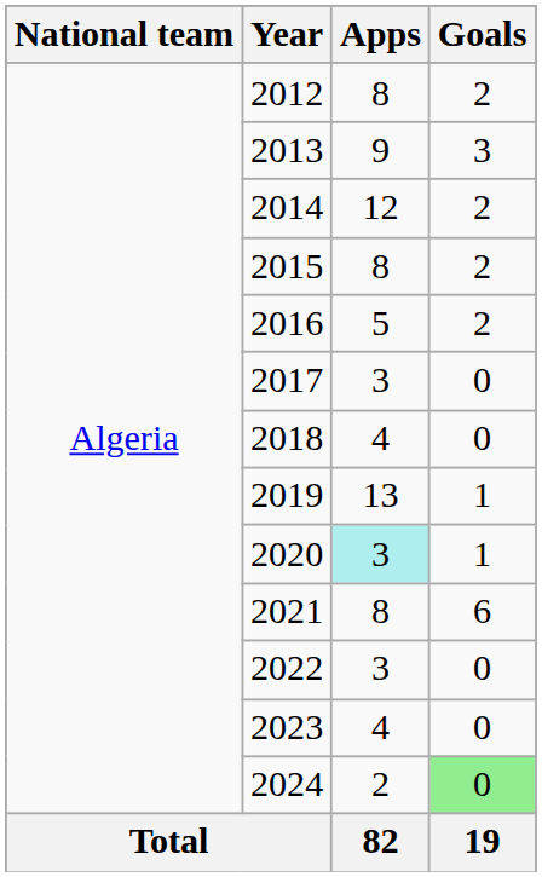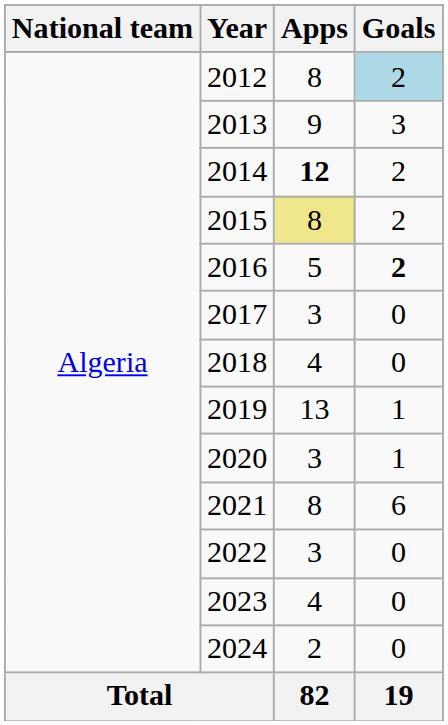 <table class="wikitable" style="text-align:center">
 <tr>
 <th>National team</th>
 <th>Year</th>
 <th>Apps</th>
 <th>Goals</th>
 </tr>
 <tr>
 <td rowspan="13"><a href='#'>Algeria</a></td>
 <td>2012</td>
 <td>8</td>
-<td>2</td>
+<td style="background: lightblue;">2</td>
 </tr>
 <tr>
 <td>2013</td>
 <td>9</td>
 <td>3</td>
 </tr>
 <tr>
 <td>2014</td>
-<td>12</td>
+<td><strong>12</strong></td>
 <td>2</td>
 </tr>
 <tr>
 <td>2015</td>
-<td>8</td>
+<td style="background: khaki;">8</td>
 <td>2</td>
 </tr>
 <tr>
 <td>2016</td>
 <td>5</td>
-<td>2</td>
+<td><strong>2</strong></td>
 </tr>
 <tr>
 <td>2017</td>
 <td>3</td>
 <td>0</td>
 </tr>
 <tr>
 <td>2018</td>
 <td>4</td>
 <td>0</td>
 </tr>
 <tr>
 <td>2019</td>
 <td>13</td>
 <td>1</td>
 </tr>
 <tr>
 <td>2020</td>
-<td style="background: paleturquoise;">3</td>
+<td>3</td>
 <td>1</td>
 </tr>
 <tr>
 <td>2021</td>
 <td>8</td>
 <td>6</td>
 </tr>
 <tr>
 <td>2022</td>
 <td>3</td>
 <td>0</td>
 </tr>
 <tr>
 <td>2023</td>
 <td>4</td>
 <td>0</td>
 </tr>
 <tr>
 <td>2024</td>
 <td>2</td>
-<td style="background: lightgreen;">0</td>
+<td>0</td>
 </tr>
 <tr>
 <th colspan="2">Total</th>
 <th>82</th>
 <th>19</th>
 </tr>
 </table>
